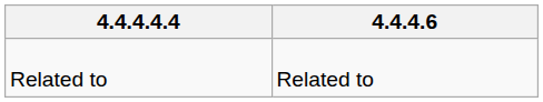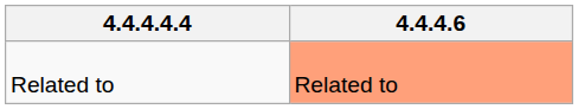 <table class="wikitable" width=400>
 <tr>
 <th>4.4.4.4.4</th>
 <th>4.4.4.6</th>
 </tr>
 <tr valign=top>
 <td><br>Related to </td>
-<td><br>Related to </td>
+<td style="background: lightsalmon;"><br>Related to </td>
 </tr>
 </table>
